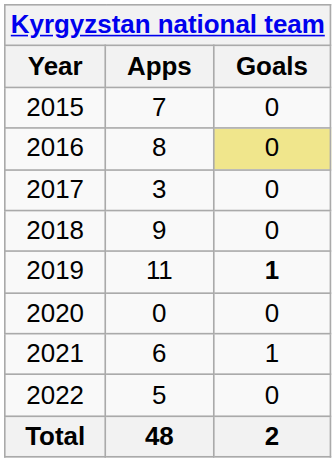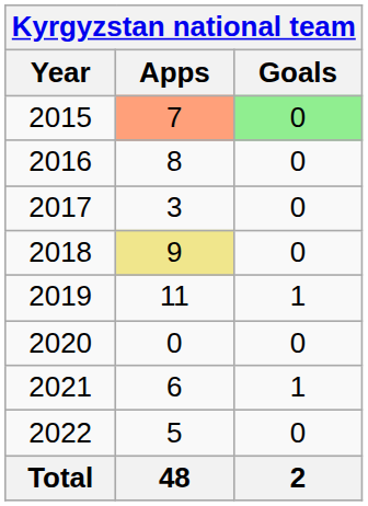 <table class="wikitable" style="text-align:center">
 <tr>
 <th colspan=3><a href='#'>Kyrgyzstan national team</a></th>
 </tr>
 <tr>
 <th>Year</th>
 <th>Apps</th>
 <th>Goals</th>
 </tr>
 <tr>
 <td>2015</td>
-<td>7</td>
-<td>0</td>
+<td style="background: lightsalmon;">7</td>
+<td style="background: lightgreen;">0</td>
 </tr>
 <tr>
 <td>2016</td>
 <td>8</td>
-<td style="background: khaki;">0</td>
+<td>0</td>
 </tr>
 <tr>
 <td>2017</td>
 <td>3</td>
 <td>0</td>
 </tr>
 <tr>
 <td>2018</td>
-<td>9</td>
+<td style="background: khaki;">9</td>
 <td>0</td>
 </tr>
 <tr>
 <td>2019</td>
 <td>11</td>
-<td><strong>1</strong></td>
+<td>1</td>
 </tr>
 <tr>
 <td>2020</td>
 <td>0</td>
 <td>0</td>
 </tr>
 <tr>
 <td>2021</td>
 <td>6</td>
 <td>1</td>
 </tr>
 <tr>
 <td>2022</td>
 <td>5</td>
 <td>0</td>
 </tr>
 <tr>
 <th>Total</th>
 <th>48</th>
 <th>2</th>
 </tr>
 </table>
